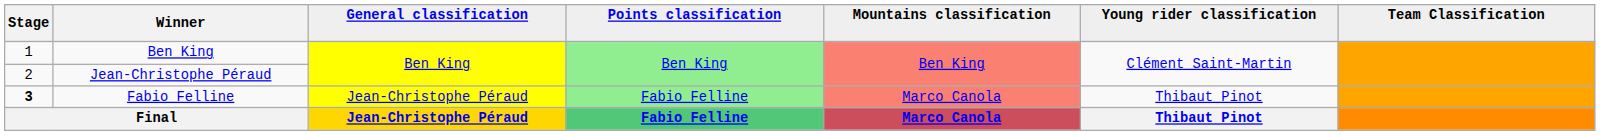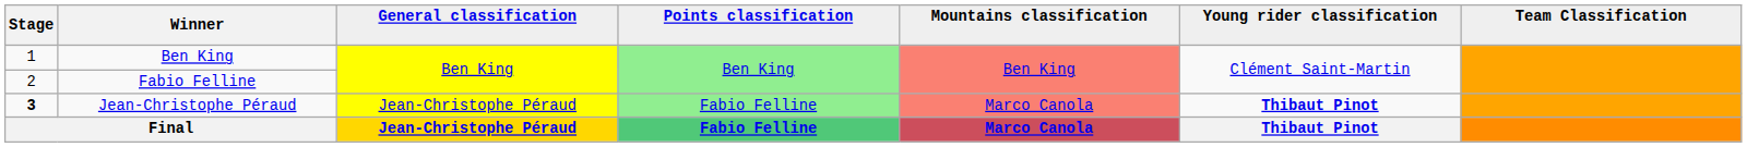 <table class="wikitable" style="text-align: center; font-size:smaller;">
 <tr style="background:#efefef;">
 <th style="width:1%;">Stage</th>
 <th style="width:16.5%;">Winner</th>
 <th style="background:#efefef; width:16.5%;"><a href='#'>General classification</a><br><br></th>
 <th style="background:#efefef; width:16.5%;"><a href='#'>Points classification</a><br><br></th>
 <th style="background:#efefef; width:16.5%;">Mountains classification<br><br></th>
 <th style="background:#efefef; width:16.5%;">Young rider classification<br><br></th>
 <th style="background:#efefef; width:16.5%;">Team Classification<br><br></th>
 </tr>
 <tr>
 <td>1</td>
 <td><a href='#'>Ben King</a></td>
 <td style="background:yellow;" rowspan="2"><a href='#'>Ben King</a></td>
 <td style="background:lightgreen;" rowspan="2"><a href='#'>Ben King</a></td>
 <td style="background:salmon;" rowspan="2"><a href='#'>Ben King</a></td>
 <td style="background:offwhite;" rowspan="2"><a href='#'>Clément Saint-Martin</a></td>
 <td style="background:orange;" rowspan="2"></td>
 </tr>
 <tr>
 <td>2</td>
-<td><a href='#'>Jean-Christophe Péraud</a></td>
+<td><a href='#'>Fabio Felline</a></td>
 </tr>
 <tr>
 <td><strong>3</strong></td>
-<td><a href='#'>Fabio Felline</a></td>
+<td><a href='#'>Jean-Christophe Péraud</a></td>
 <td style="background:yellow;"><a href='#'>Jean-Christophe Péraud</a></td>
 <td style="background:lightgreen;"><a href='#'>Fabio Felline</a></td>
 <td style="background:salmon;"><a href='#'>Marco Canola</a></td>
-<td style="background:offwhite;"><a href='#'>Thibaut Pinot</a></td>
+<td style="background:offwhite;"><strong><a href='#'>Thibaut Pinot</a></strong></td>
 <td style="background:orange;"></td>
 </tr>
 <tr>
 <th colspan=2>Final</th>
 <th style="background:gold;"><a href='#'>Jean-Christophe Péraud</a></th>
 <th style="background:#50C878;"><a href='#'>Fabio Felline</a></th>
 <th style="background:#CC4E5C;"><a href='#'>Marco Canola</a></th>
 <th style="background:offwhite;"><a href='#'>Thibaut Pinot</a></th>
 <th style="background:#FF8C00;"></th>
 </tr>
 </table>
